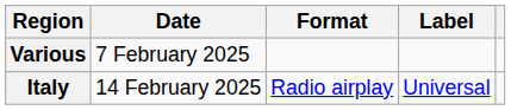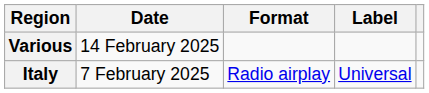 <table class="wikitable plainrowheaders">
 <tr>
 <th scope="col">Region</th>
 <th scope="col">Date</th>
 <th scope="col">Format</th>
 <th scope="col">Label</th>
 <th scope="col"></th>
 </tr>
 <tr>
 <th scope="row">Various</th>
-<td>7 February 2025</td>
+<td>14 February 2025</td>
 <td></td>
 <td></td>
 <td style="text-align:center"></td>
 </tr>
 <tr>
 <th scope="row">Italy</th>
-<td>14 February 2025</td>
+<td>7 February 2025</td>
 <td><a href='#'>Radio airplay</a></td>
 <td><a href='#'>Universal</a></td>
 <td style="text-align:center"></td>
 </tr>
 </table>
